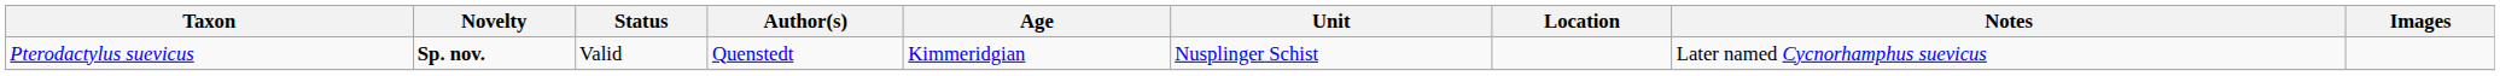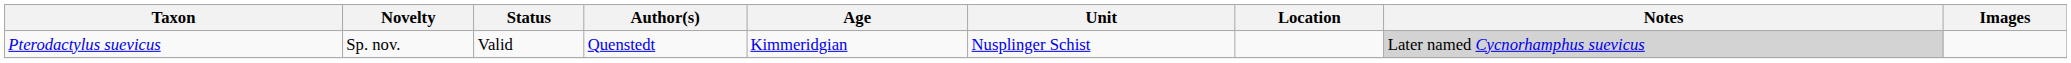 <table class="wikitable sortable" align="center" width="100%">
 <tr>
 <th>Taxon</th>
 <th>Novelty</th>
 <th>Status</th>
 <th>Author(s)</th>
 <th>Age</th>
 <th>Unit</th>
 <th>Location</th>
 <th>Notes</th>
 <th>Images</th>
 </tr>
 <tr>
 <td><em><a href='#'>Pterodactylus suevicus</a></em></td>
-<td><strong>Sp. nov.</strong></td>
+<td>Sp. nov.</td>
 <td>Valid</td>
 <td><a href='#'>Quenstedt</a></td>
 <td><a href='#'>Kimmeridgian</a></td>
 <td><a href='#'>Nusplinger Schist</a></td>
 <td></td>
-<td>Later named <em><a href='#'>Cycnorhamphus suevicus</a></em></td>
+<td style="background: lightgrey;">Later named <em><a href='#'>Cycnorhamphus suevicus</a></em></td>
 <td></td>
 </tr>
 <tr>
 </tr>
 </table>
